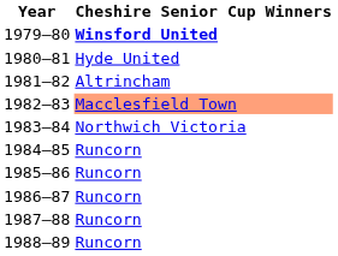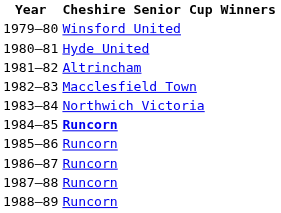 <table>
 <tr>
 <th>Year</th>
 <th>Cheshire Senior Cup Winners</th>
 </tr>
 <tr>
 <td>1979–80</td>
-<td><strong><a href='#'> Winsford United</a></strong></td>
+<td><a href='#'> Winsford United</a></td>
 </tr>
 <tr>
 <td>1980–81</td>
 <td><a href='#'>Hyde United</a></td>
 </tr>
 <tr>
 <td>1981–82</td>
 <td><a href='#'>Altrincham</a></td>
 </tr>
 <tr>
 <td>1982–83</td>
-<td style="background: lightsalmon;"><a href='#'>Macclesfield Town</a></td>
+<td><a href='#'>Macclesfield Town</a></td>
 </tr>
 <tr>
 <td>1983–84</td>
 <td><a href='#'>Northwich Victoria</a></td>
 </tr>
 <tr>
 <td>1984–85</td>
-<td><a href='#'>Runcorn</a></td>
+<td><strong><a href='#'>Runcorn</a></strong></td>
 </tr>
 <tr>
 <td>1985–86</td>
 <td><a href='#'>Runcorn</a></td>
 </tr>
 <tr>
 <td>1986–87</td>
 <td><a href='#'>Runcorn</a></td>
 </tr>
 <tr>
 <td>1987–88</td>
 <td><a href='#'>Runcorn</a></td>
 </tr>
 <tr>
 <td>1988–89</td>
 <td><a href='#'>Runcorn</a></td>
 </tr>
 </table>
